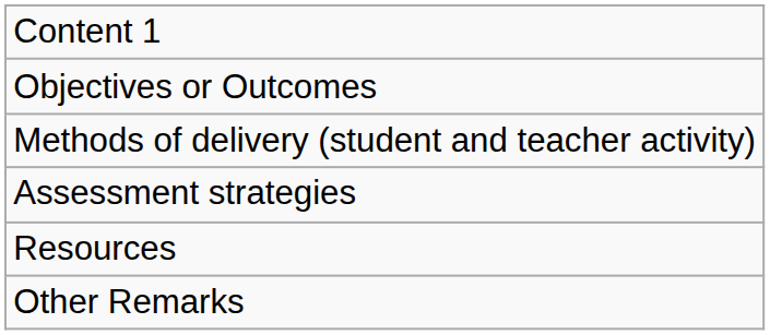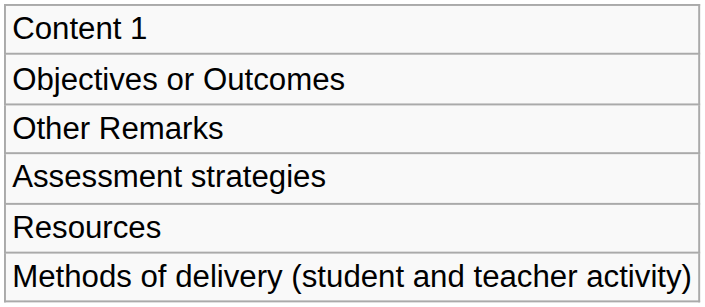 <table class="wikitable" border="1">
 <tr>
 <td>Content 1</td>
 </tr>
 <tr>
 <td>Objectives or Outcomes</td>
 </tr>
 <tr>
-<td>Methods of delivery (student and teacher activity)</td>
+<td>Other Remarks</td>
 </tr>
 <tr>
 <td>Assessment strategies</td>
 </tr>
 <tr>
 <td>Resources</td>
 </tr>
 <tr>
-<td>Other Remarks</td>
+<td>Methods of delivery (student and teacher activity)</td>
 </tr>
 </table>
